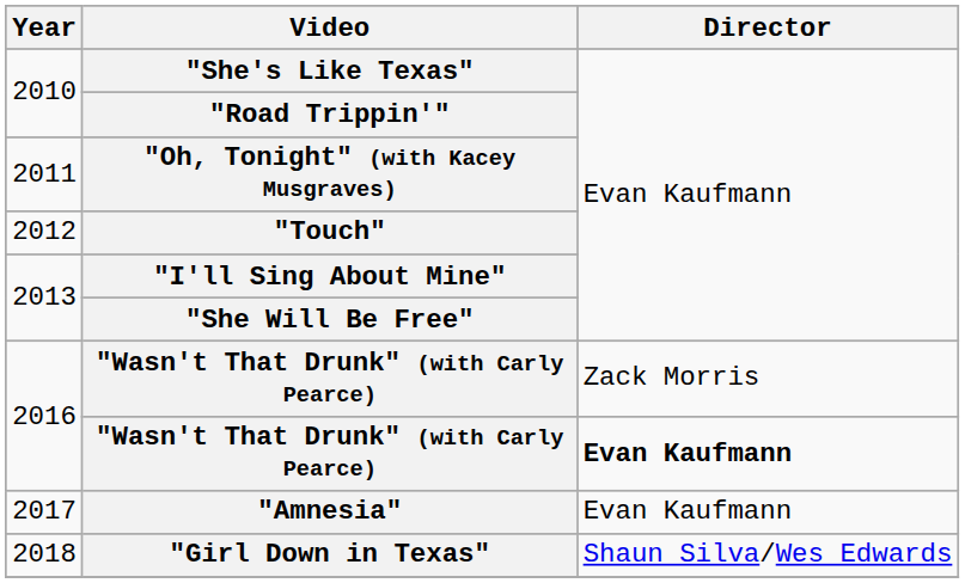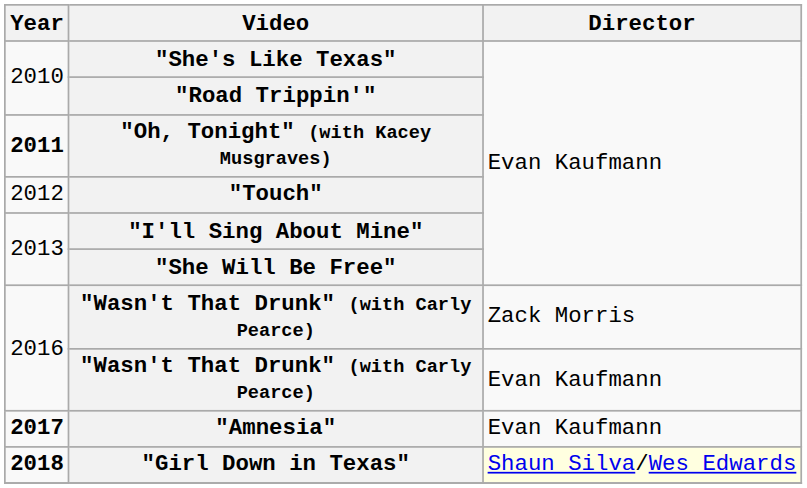 <table class="wikitable plainrowheaders">
 <tr>
 <th>Year</th>
 <th style="width:18em;">Video</th>
 <th>Director</th>
 </tr>
 <tr>
 <td rowspan="2">2010</td>
 <th scope="row">"She's Like Texas"</th>
 <td rowspan="6">Evan Kaufmann</td>
 </tr>
 <tr>
 <th scope="row">"Road Trippin'"</th>
 </tr>
 <tr>
-<td>2011</td>
+<td><strong>2011</strong></td>
 <th scope="row">"Oh, Tonight" <small>(with Kacey Musgraves)</small></th>
 </tr>
 <tr>
 <td>2012</td>
 <th scope="row">"Touch"</th>
 </tr>
 <tr>
 <td rowspan="2">2013</td>
 <th scope="row">"I'll Sing About Mine"</th>
 </tr>
 <tr>
 <th scope="row">"She Will Be Free"</th>
 </tr>
 <tr>
 <td rowspan="2">2016</td>
 <th scope="row">"Wasn't That Drunk" <small>(with Carly Pearce)</small></th>
 <td>Zack Morris</td>
 </tr>
 <tr>
 <th scope="row">"Wasn't That Drunk" <small>(with Carly Pearce)</small></th>
-<td><strong>Evan Kaufmann</strong></td>
+<td>Evan Kaufmann</td>
 </tr>
 <tr>
-<td>2017</td>
+<td><strong>2017</strong></td>
 <th scope="row">"Amnesia"</th>
 <td>Evan Kaufmann</td>
 </tr>
 <tr>
-<td>2018</td>
+<td><strong>2018</strong></td>
 <th scope="row">"Girl Down in Texas"</th>
-<td><a href='#'>Shaun Silva</a>/<a href='#'>Wes Edwards</a></td>
+<td style="background: lightyellow;"><a href='#'>Shaun Silva</a>/<a href='#'>Wes Edwards</a></td>
 </tr>
 <tr>
 </tr>
 </table>
